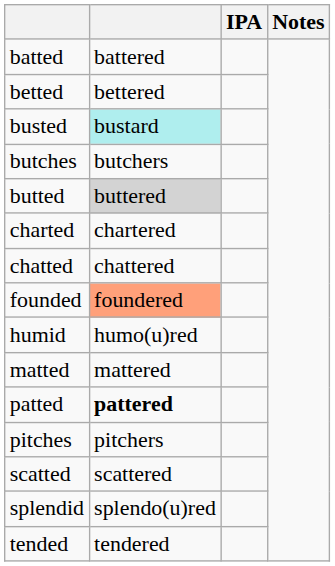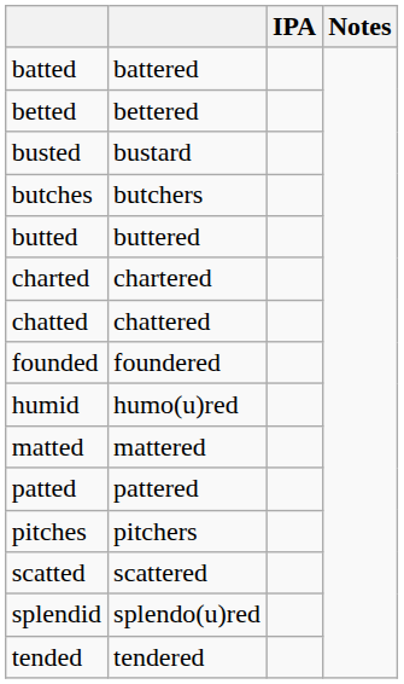 <table class="wikitable sortable mw-collapsible mw-collapsed">
 <tr>
 <th></th>
 <th></th>
 <th>IPA</th>
 <th>Notes</th>
 </tr>
 <tr>
 <td>batted</td>
 <td>battered</td>
 <td></td>
 </tr>
 <tr>
 <td>betted</td>
 <td>bettered</td>
 <td></td>
 </tr>
 <tr>
 <td>busted</td>
-<td style="background: paleturquoise;">bustard</td>
+<td>bustard</td>
 <td></td>
 </tr>
 <tr>
 <td>butches</td>
 <td>butchers</td>
 <td></td>
 </tr>
 <tr>
 <td>butted</td>
-<td style="background: lightgrey;">buttered</td>
+<td>buttered</td>
 <td></td>
 </tr>
 <tr>
 <td>charted</td>
 <td>chartered</td>
 <td></td>
 </tr>
 <tr>
 <td>chatted</td>
 <td>chattered</td>
 <td></td>
 </tr>
 <tr>
 <td>founded</td>
-<td style="background: lightsalmon;">foundered</td>
+<td>foundered</td>
 <td></td>
 </tr>
 <tr>
 <td>humid</td>
 <td>humo(u)red</td>
 <td></td>
 </tr>
 <tr>
 <td>matted</td>
 <td>mattered</td>
 <td></td>
 </tr>
 <tr>
 <td>patted</td>
-<td><strong>pattered</strong></td>
+<td>pattered</td>
 <td></td>
 </tr>
 <tr>
 <td>pitches</td>
 <td>pitchers</td>
 <td></td>
 </tr>
 <tr>
 <td>scatted</td>
 <td>scattered</td>
 <td></td>
 </tr>
 <tr>
 <td>splendid</td>
 <td>splendo(u)red</td>
 <td></td>
 </tr>
 <tr>
 <td>tended</td>
 <td>tendered</td>
 <td></td>
 </tr>
 </table>
